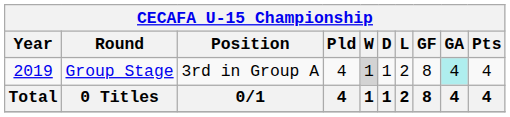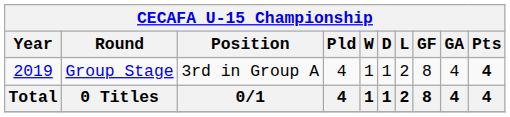 <table class="wikitable" style="text-align: center;">
 <tr>
 <th colspan=10><a href='#'>CECAFA U-15 Championship</a></th>
 </tr>
 <tr>
 <th>Year</th>
 <th>Round</th>
 <th>Position</th>
 <th>Pld</th>
 <th>W</th>
 <th>D</th>
 <th>L</th>
 <th>GF</th>
 <th>GA</th>
 <th>Pts</th>
 </tr>
 <tr>
 <td> <a href='#'>2019</a></td>
 <td><a href='#'>Group Stage</a></td>
 <td>3rd in Group A</td>
 <td>4</td>
-<td style="background: lightgrey;">1</td>
+<td>1</td>
 <td>1</td>
 <td>2</td>
 <td>8</td>
-<td style="background: paleturquoise;">4</td>
 <td>4</td>
+<td><strong>4</strong></td>
 </tr>
 <tr>
 <th>Total</th>
 <th>0 Titles</th>
 <th>0/1</th>
 <th>4</th>
 <th>1</th>
 <th>1</th>
 <th>2</th>
 <th>8</th>
 <th>4</th>
 <th>4</th>
 </tr>
 <tr>
 </tr>
 </table>
